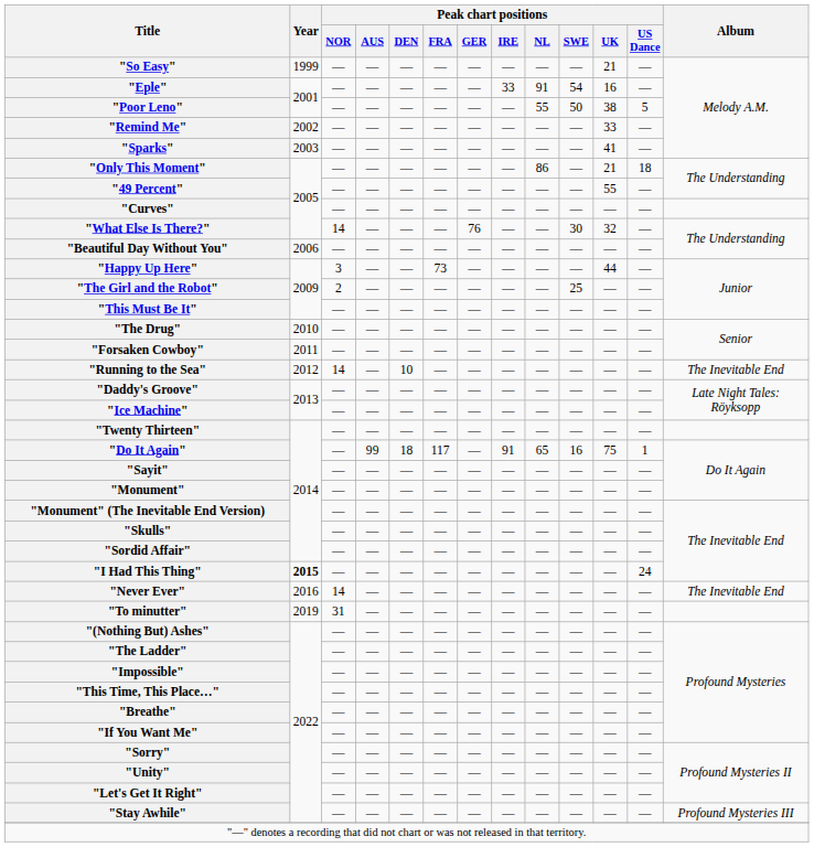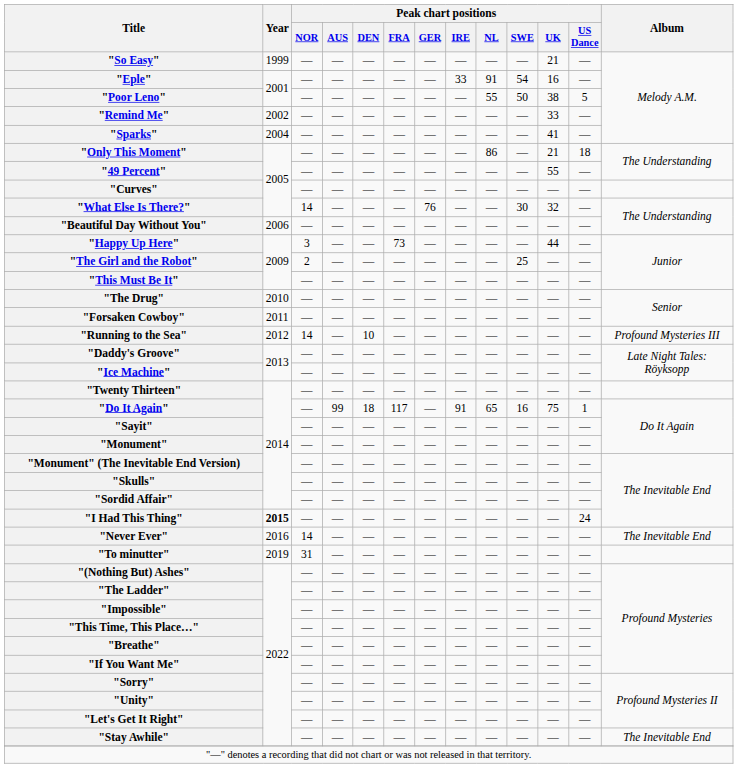 <table class="wikitable plainrowheaders" style="text-align:center;">
 <tr>
 <th scope="col" rowspan="2" style="width:22em;">Title</th>
 <th scope="col" rowspan="2" style="width:1em;">Year</th>
 <th scope="col" colspan="10">Peak chart positions</th>
 <th scope="col" rowspan="2" style="width:11em;">Album</th>
 </tr>
 <tr>
 <th scope="col" style="width:2.5em;font-size:90%;"><a href='#'>NOR</a><br></th>
 <th scope="col" style="width:2.5em;font-size:90%;"><a href='#'>AUS</a><br></th>
 <th scope="col" style="width:2.5em;font-size:90%;"><a href='#'>DEN</a><br></th>
 <th scope="col" style="width:2.5em;font-size:90%;"><a href='#'>FRA</a><br></th>
 <th scope="col" style="width:2.5em;font-size:90%;"><a href='#'>GER</a><br></th>
 <th scope="col" style="width:2.5em;font-size:90%;"><a href='#'>IRE</a><br></th>
 <th scope="col" style="width:2.5em;font-size:90%;"><a href='#'>NL</a><br></th>
 <th scope="col" style="width:2.5em;font-size:90%;"><a href='#'>SWE</a><br></th>
 <th scope="col" style="width:2.5em;font-size:90%;"><a href='#'>UK</a><br></th>
 <th scope="col" style="width:2.5em;font-size:90%;"><a href='#'>US Dance</a><br></th>
 </tr>
 <tr>
 <th scope="row">"<a href='#'>So Easy</a>"</th>
 <td>1999</td>
 <td>—</td>
 <td>—</td>
 <td>—</td>
 <td>—</td>
 <td>—</td>
 <td>—</td>
 <td>—</td>
 <td>—</td>
 <td>21</td>
 <td>—</td>
 <td rowspan="5"><em>Melody A.M.</em></td>
 </tr>
 <tr>
 <th scope="row">"<a href='#'>Eple</a>"</th>
 <td rowspan="2">2001</td>
 <td>—</td>
 <td>—</td>
 <td>—</td>
 <td>—</td>
 <td>—</td>
 <td>33</td>
 <td>91</td>
 <td>54</td>
 <td>16</td>
 <td>—</td>
 </tr>
 <tr>
 <th scope="row">"<a href='#'>Poor Leno</a>"</th>
 <td>—</td>
 <td>—</td>
 <td>—</td>
 <td>—</td>
 <td>—</td>
 <td>—</td>
 <td>55</td>
 <td>50</td>
 <td>38</td>
 <td>5</td>
 </tr>
 <tr>
 <th scope="row">"<a href='#'>Remind Me</a>"</th>
 <td>2002</td>
 <td>—</td>
 <td>—</td>
 <td>—</td>
 <td>—</td>
 <td>—</td>
 <td>—</td>
 <td>—</td>
 <td>—</td>
 <td>33</td>
 <td>—</td>
 </tr>
 <tr>
 <th scope="row">"<a href='#'>Sparks</a>"</th>
-<td>2003</td>
+<td>2004</td>
 <td>—</td>
 <td>—</td>
 <td>—</td>
 <td>—</td>
 <td>—</td>
 <td>—</td>
 <td>—</td>
 <td>—</td>
 <td>41</td>
 <td>—</td>
 </tr>
 <tr>
 <th scope="row">"<a href='#'>Only This Moment</a>"</th>
 <td rowspan="4">2005</td>
 <td>—</td>
 <td>—</td>
 <td>—</td>
 <td>—</td>
 <td>—</td>
 <td>—</td>
 <td>86</td>
 <td>—</td>
 <td>21</td>
 <td>18</td>
 <td rowspan="2"><em>The Understanding</em></td>
 </tr>
 <tr>
 <th scope="row">"<a href='#'>49 Percent</a>"</th>
 <td>—</td>
 <td>—</td>
 <td>—</td>
 <td>—</td>
 <td>—</td>
 <td>—</td>
 <td>—</td>
 <td>—</td>
 <td>55</td>
 <td>—</td>
 </tr>
 <tr>
 <th scope="row">"Curves"</th>
 <td>—</td>
 <td>—</td>
 <td>—</td>
 <td>—</td>
 <td>—</td>
 <td>—</td>
 <td>—</td>
 <td>—</td>
 <td>—</td>
 <td>—</td>
 <td></td>
 </tr>
 <tr>
 <th scope="row">"<a href='#'>What Else Is There?</a>"</th>
 <td>14</td>
 <td>—</td>
 <td>—</td>
 <td>—</td>
 <td>76</td>
 <td>—</td>
 <td>—</td>
 <td>30</td>
 <td>32</td>
 <td>—</td>
 <td rowspan="2"><em>The Understanding</em></td>
 </tr>
 <tr>
 <th scope="row">"Beautiful Day Without You"</th>
 <td>2006</td>
 <td>—</td>
 <td>—</td>
 <td>—</td>
 <td>—</td>
 <td>—</td>
 <td>—</td>
 <td>—</td>
 <td>—</td>
 <td>—</td>
 <td>—</td>
 </tr>
 <tr>
 <th scope="row">"<a href='#'>Happy Up Here</a>"</th>
 <td rowspan="3">2009</td>
 <td>3</td>
 <td>—</td>
 <td>—</td>
 <td>73</td>
 <td>—</td>
 <td>—</td>
 <td>—</td>
 <td>—</td>
 <td>44</td>
 <td>—</td>
 <td rowspan="3"><em>Junior</em></td>
 </tr>
 <tr>
 <th scope="row">"<a href='#'>The Girl and the Robot</a>"</th>
 <td>2</td>
 <td>—</td>
 <td>—</td>
 <td>—</td>
 <td>—</td>
 <td>—</td>
 <td>—</td>
 <td>25</td>
 <td>—</td>
 <td>—</td>
 </tr>
 <tr>
 <th scope="row">"<a href='#'>This Must Be It</a>"</th>
 <td>—</td>
 <td>—</td>
 <td>—</td>
 <td>—</td>
 <td>—</td>
 <td>—</td>
 <td>—</td>
 <td>—</td>
 <td>—</td>
 <td>—</td>
 </tr>
 <tr>
 <th scope="row">"The Drug"</th>
 <td>2010</td>
 <td>—</td>
 <td>—</td>
 <td>—</td>
 <td>—</td>
 <td>—</td>
 <td>—</td>
 <td>—</td>
 <td>—</td>
 <td>—</td>
 <td>—</td>
 <td rowspan="2"><em>Senior</em></td>
 </tr>
 <tr>
 <th scope="row">"Forsaken Cowboy"</th>
 <td>2011</td>
 <td>—</td>
 <td>—</td>
 <td>—</td>
 <td>—</td>
 <td>—</td>
 <td>—</td>
 <td>—</td>
 <td>—</td>
 <td>—</td>
 <td>—</td>
 </tr>
 <tr>
 <th scope="row">"Running to the Sea"<br></th>
 <td>2012</td>
 <td>14</td>
 <td>—</td>
 <td>10</td>
 <td>—</td>
 <td>—</td>
 <td>—</td>
 <td>—</td>
 <td>—</td>
 <td>—</td>
 <td>—</td>
-<td><em>The Inevitable End</em></td>
+<td rowspan="1"><em>Profound Mysteries III</em></td>
 </tr>
 <tr>
 <th scope="row">"Daddy's Groove"</th>
 <td rowspan="2">2013</td>
 <td>—</td>
 <td>—</td>
 <td>—</td>
 <td>—</td>
 <td>—</td>
 <td>—</td>
 <td>—</td>
 <td>—</td>
 <td>—</td>
 <td>—</td>
 <td rowspan="2"><em>Late Night Tales: Röyksopp</em></td>
 </tr>
 <tr>
 <th scope="row">"<a href='#'>Ice Machine</a>"</th>
 <td>—</td>
 <td>—</td>
 <td>—</td>
 <td>—</td>
 <td>—</td>
 <td>—</td>
 <td>—</td>
 <td>—</td>
 <td>—</td>
 <td>—</td>
 </tr>
 <tr>
 <th scope="row">"Twenty Thirteen"<br></th>
 <td rowspan="7">2014</td>
 <td>—</td>
 <td>—</td>
 <td>—</td>
 <td>—</td>
 <td>—</td>
 <td>—</td>
 <td>—</td>
 <td>—</td>
 <td>—</td>
 <td>—</td>
 <td></td>
 </tr>
 <tr>
 <th scope="row">"<a href='#'>Do It Again</a>"<br></th>
 <td>—</td>
 <td>99</td>
 <td>18</td>
 <td>117</td>
 <td>—</td>
 <td>91</td>
 <td>65</td>
 <td>16</td>
 <td>75</td>
 <td>1</td>
 <td rowspan="3"><em>Do It Again</em></td>
 </tr>
 <tr>
 <th scope="row">"Sayit" <br> </th>
 <td>—</td>
 <td>—</td>
 <td>—</td>
 <td>—</td>
 <td>—</td>
 <td>—</td>
 <td>—</td>
 <td>—</td>
 <td>—</td>
 <td>—</td>
 </tr>
 <tr>
 <th scope="row">"Monument"<br></th>
 <td>—</td>
 <td>—</td>
 <td>—</td>
 <td>—</td>
 <td>—</td>
 <td>—</td>
 <td>—</td>
 <td>—</td>
 <td>—</td>
 <td>—</td>
 </tr>
 <tr>
 <th scope="row">"Monument" (The Inevitable End Version)<br></th>
 <td>—</td>
 <td>—</td>
 <td>—</td>
 <td>—</td>
 <td>—</td>
 <td>—</td>
 <td>—</td>
 <td>—</td>
 <td>—</td>
 <td>—</td>
 <td rowspan="4"><em>The Inevitable End</em></td>
 </tr>
 <tr>
 <th scope="row">"Skulls"</th>
 <td>—</td>
 <td>—</td>
 <td>—</td>
 <td>—</td>
 <td>—</td>
 <td>—</td>
 <td>—</td>
 <td>—</td>
 <td>—</td>
 <td>—</td>
 </tr>
 <tr>
 <th scope="row">"Sordid Affair"</th>
 <td>—</td>
 <td>—</td>
 <td>—</td>
 <td>—</td>
 <td>—</td>
 <td>—</td>
 <td>—</td>
 <td>—</td>
 <td>—</td>
 <td>—</td>
 </tr>
 <tr>
 <th scope="row">"I Had This Thing"<br></th>
 <td><strong>2015</strong></td>
 <td>—</td>
 <td>—</td>
 <td>—</td>
 <td>—</td>
 <td>—</td>
 <td>—</td>
 <td>—</td>
 <td>—</td>
 <td>—</td>
 <td>24</td>
 </tr>
 <tr>
 <th scope="row">"Never Ever"<br></th>
 <td>2016</td>
 <td>14</td>
 <td>—</td>
 <td>—</td>
 <td>—</td>
 <td>—</td>
 <td>—</td>
 <td>—</td>
 <td>—</td>
 <td>—</td>
 <td>—</td>
 <td><em>The Inevitable End</em></td>
 </tr>
 <tr>
 <th scope="row">"To minutter"<br></th>
 <td>2019</td>
 <td>31<br></td>
 <td>—</td>
 <td>—</td>
 <td>—</td>
 <td>—</td>
 <td>—</td>
 <td>—</td>
 <td>—</td>
 <td>—</td>
 <td>—</td>
 </tr>
 <tr>
 <th scope="row">"(Nothing But) Ashes"</th>
 <td rowspan="10">2022</td>
 <td>—</td>
 <td>—</td>
 <td>—</td>
 <td>—</td>
 <td>—</td>
 <td>—</td>
 <td>—</td>
 <td>—</td>
 <td>—</td>
 <td>—</td>
 <td rowspan="6"><em>Profound Mysteries</em></td>
 </tr>
 <tr>
 <th scope="row">"The Ladder"</th>
 <td>—</td>
 <td>—</td>
 <td>—</td>
 <td>—</td>
 <td>—</td>
 <td>—</td>
 <td>—</td>
 <td>—</td>
 <td>—</td>
 <td>—</td>
 </tr>
 <tr>
 <th scope="row">"Impossible"<br></th>
 <td>—</td>
 <td>—</td>
 <td>—</td>
 <td>—</td>
 <td>—</td>
 <td>—</td>
 <td>—</td>
 <td>—</td>
 <td>—</td>
 <td>—</td>
 </tr>
 <tr>
 <th scope="row">"This Time, This Place…"<br></th>
 <td>—</td>
 <td>—</td>
 <td>—</td>
 <td>—</td>
 <td>—</td>
 <td>—</td>
 <td>—</td>
 <td>—</td>
 <td>—</td>
 <td>—</td>
 </tr>
 <tr>
 <th scope="row">"Breathe"<br></th>
 <td>—</td>
 <td>—</td>
 <td>—</td>
 <td>—</td>
 <td>—</td>
 <td>—</td>
 <td>—</td>
 <td>—</td>
 <td>—</td>
 <td>—</td>
 </tr>
 <tr>
 <th scope="row">"If You Want Me"<br></th>
 <td>—</td>
 <td>—</td>
 <td>—</td>
 <td>—</td>
 <td>—</td>
 <td>—</td>
 <td>—</td>
 <td>—</td>
 <td>—</td>
 <td>—</td>
 </tr>
 <tr>
 <th scope="row">"Sorry"<br></th>
 <td>—</td>
 <td>—</td>
 <td>—</td>
 <td>—</td>
 <td>—</td>
 <td>—</td>
 <td>—</td>
 <td>—</td>
 <td>—</td>
 <td>—</td>
 <td rowspan="3"><em>Profound Mysteries II</em></td>
 </tr>
 <tr>
 <th scope="row">"Unity"<br></th>
 <td>—</td>
 <td>—</td>
 <td>—</td>
 <td>—</td>
 <td>—</td>
 <td>—</td>
 <td>—</td>
 <td>—</td>
 <td>—</td>
 <td>—</td>
 </tr>
 <tr>
 <th scope="row">"Let's Get It Right"<br></th>
 <td>—</td>
 <td>—</td>
 <td>—</td>
 <td>—</td>
 <td>—</td>
 <td>—</td>
 <td>—</td>
 <td>—</td>
 <td>—</td>
 <td>—</td>
 </tr>
 <tr>
 <th scope="row">"Stay Awhile"<br></th>
 <td>—</td>
 <td>—</td>
 <td>—</td>
 <td>—</td>
 <td>—</td>
 <td>—</td>
 <td>—</td>
 <td>—</td>
 <td>—</td>
 <td>—</td>
-<td rowspan="1"><em>Profound Mysteries III</em></td>
+<td><em>The Inevitable End</em></td>
 </tr>
 <tr>
 </tr>
 <tr>
 <td colspan="13" style="font-size:90%">"—" denotes a recording that did not chart or was not released in that territory.</td>
 </tr>
 </table>
